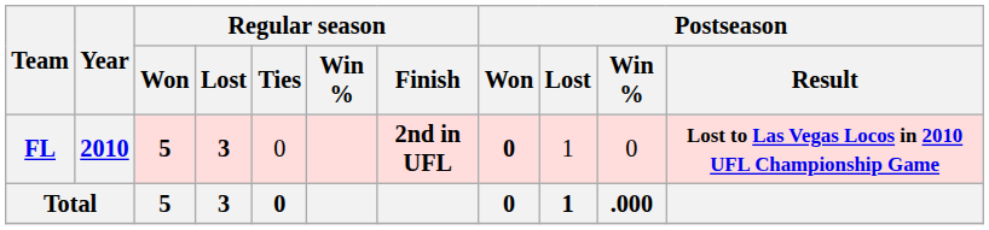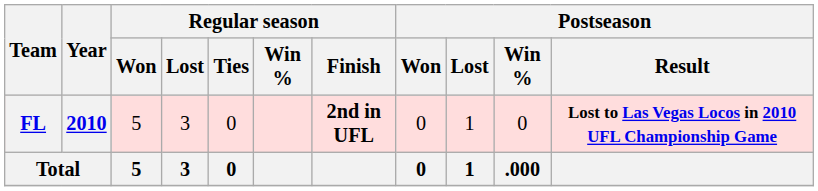 <table class="wikitable" style="font-size: 95%; text-align:center;">
 <tr>
 <th rowspan="2">Team</th>
 <th rowspan="2">Year</th>
 <th colspan="5">Regular season</th>
 <th colspan="4">Postseason</th>
 </tr>
 <tr>
 <th>Won</th>
 <th>Lost</th>
 <th>Ties</th>
 <th>Win %</th>
 <th>Finish</th>
 <th>Won</th>
 <th>Lost</th>
 <th>Win %</th>
 <th>Result</th>
 </tr>
 <tr ! style="background:#fdd;">
 <th><a href='#'>FL</a></th>
 <th><a href='#'>2010</a></th>
-<td><strong>5</strong></td>
-<td><strong>3</strong></td>
+<td>5</td>
+<td>3</td>
 <td>0</td>
 <td></td>
 <td><strong>2nd in UFL</strong></td>
-<td><strong>0</strong></td>
+<td>0</td>
 <td>1</td>
 <td>0</td>
 <td><small><strong>Lost to <a href='#'>Las Vegas Locos</a> in <a href='#'>2010 UFL Championship Game</a></strong></small></td>
 </tr>
 <tr>
 <th colspan="2">Total</th>
 <th>5</th>
 <th>3</th>
 <th>0</th>
 <th></th>
 <th></th>
 <th>0</th>
 <th>1</th>
 <th>.000</th>
 <th></th>
 </tr>
 <tr>
 </tr>
 </table>
